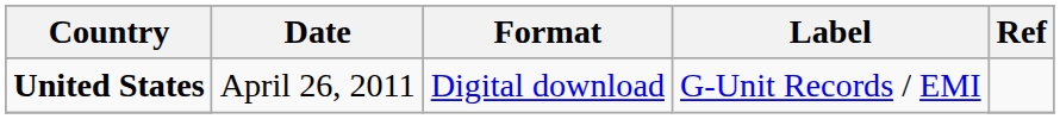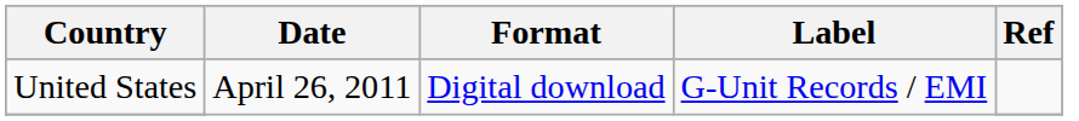 <table class="wikitable">
 <tr>
 <th>Country</th>
 <th>Date</th>
 <th>Format</th>
 <th>Label</th>
 <th>Ref</th>
 </tr>
 <tr>
-<td><strong>United States</strong></td>
+<td>United States</td>
 <td rowspan="2">April 26, 2011</td>
 <td rowspan="2"><a href='#'>Digital download</a></td>
 <td rowspan="2"><a href='#'>G-Unit Records</a> / <a href='#'>EMI</a></td>
 <td></td>
 </tr>
 <tr>
 </tr>
 </table>
